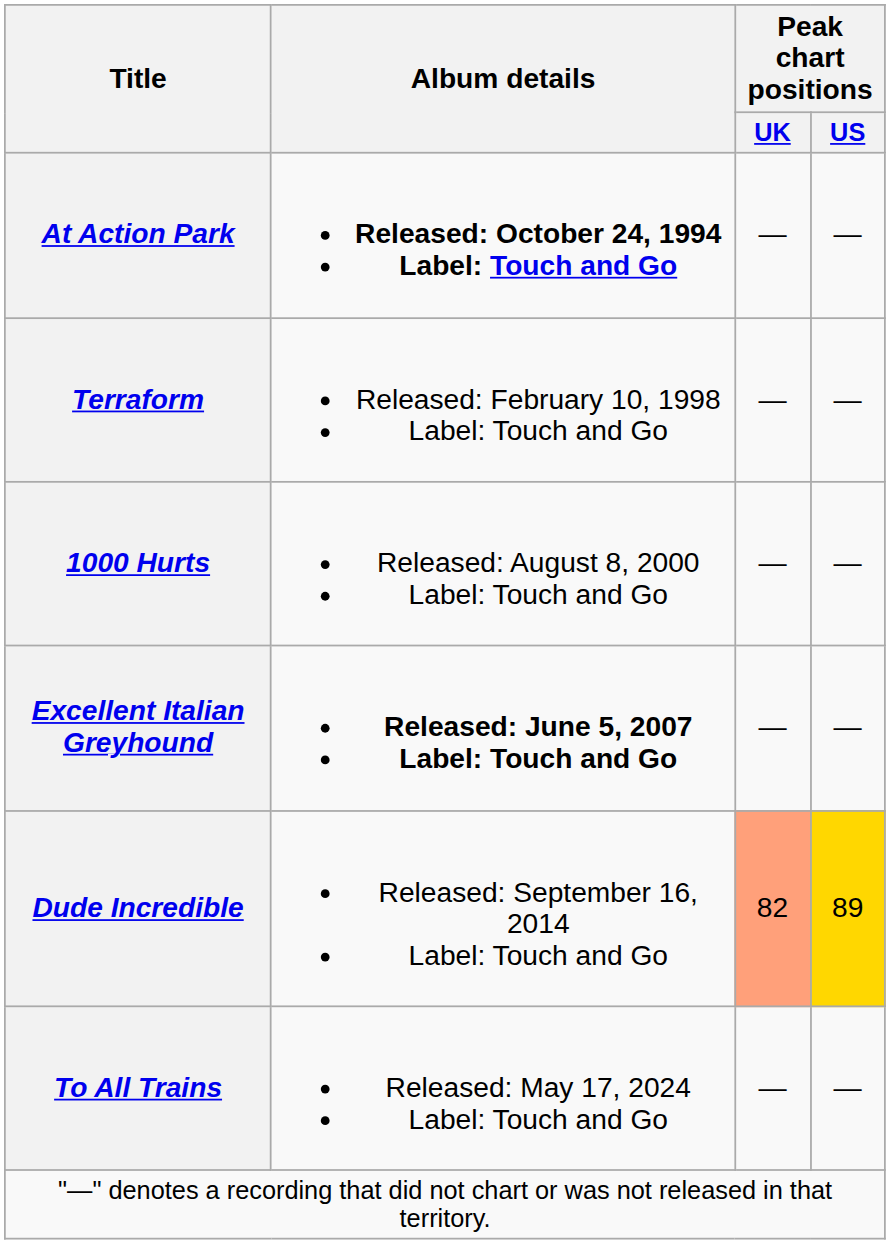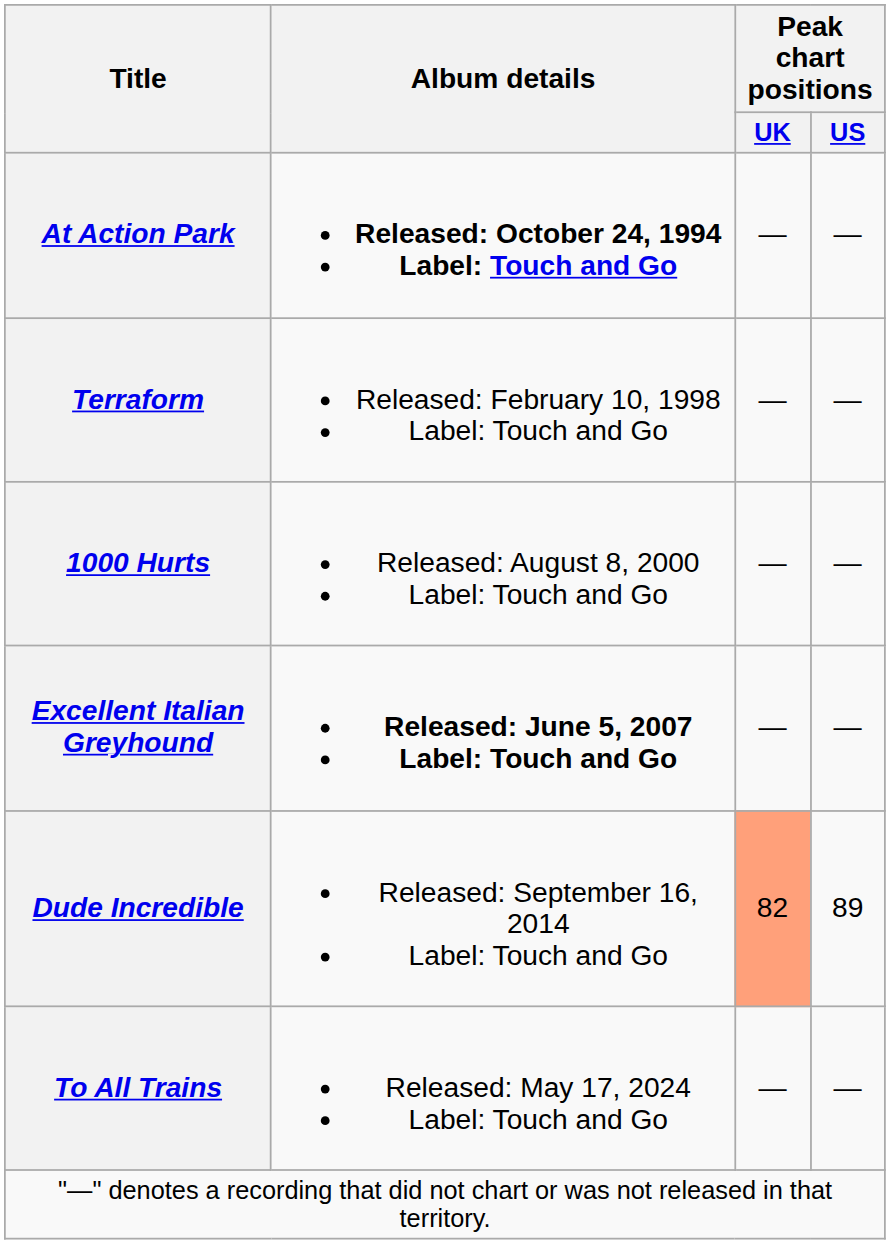 <table class="wikitable plainrowheaders" style="text-align:center;">
 <tr>
 <th scope="col" rowspan="2" style="width:9em;">Title</th>
 <th scope="col" rowspan="2" style="width:16em;">Album details</th>
 <th scope="col" colspan="2">Peak chart positions</th>
 </tr>
 <tr>
 <th scope="col" style="width:2.5em;font-size:90%;"><a href='#'>UK</a><br></th>
 <th scope="col" style="width:2.5em;font-size:90%;"><a href='#'>US</a><br></th>
 </tr>
 <tr>
 <th scope="row"><em><a href='#'>At Action Park</a></em></th>
 <td><strong><br><ul><li>Released: October 24, 1994</li><li>Label: <a href='#'>Touch and Go</a></li></ul></strong></td>
 <td>—</td>
 <td>—</td>
 </tr>
 <tr>
 <th scope="row"><em><a href='#'>Terraform</a></em></th>
 <td><br><ul><li>Released: February 10, 1998</li><li>Label: Touch and Go</li></ul></td>
 <td>—</td>
 <td>—</td>
 </tr>
 <tr>
 <th scope="row"><em><a href='#'>1000 Hurts</a></em></th>
 <td><br><ul><li>Released: August 8, 2000</li><li>Label: Touch and Go</li></ul></td>
 <td>—</td>
 <td>—</td>
 </tr>
 <tr>
 <th scope="row"><em><a href='#'>Excellent Italian Greyhound</a></em></th>
 <td><strong><br><ul><li>Released: June 5, 2007</li><li>Label: Touch and Go</li></ul></strong></td>
 <td>—</td>
 <td>—</td>
 </tr>
 <tr>
 <th scope="row"><em><a href='#'>Dude Incredible</a></em></th>
 <td><br><ul><li>Released: September 16, 2014</li><li>Label: Touch and Go</li></ul></td>
 <td style="background: lightsalmon;">82</td>
-<td style="background: gold;">89</td>
+<td>89</td>
 </tr>
 <tr>
 <th scope="row"><em><a href='#'>To All Trains</a></em></th>
 <td><br><ul><li>Released: May 17, 2024</li><li>Label: Touch and Go</li></ul></td>
 <td>—</td>
 <td>—</td>
 </tr>
 <tr>
 <td colspan="14" style="font-size:90%">"—" denotes a recording that did not chart or was not released in that territory.</td>
 </tr>
 </table>
